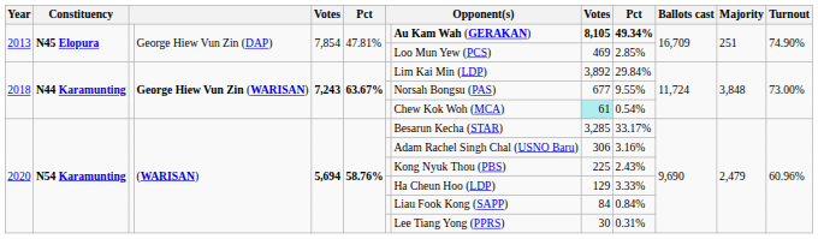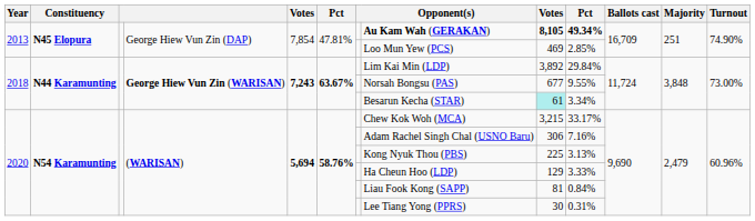 <table class="wikitable" style="margin:0.5em ; font-size:95%">
 <tr>
 <th>Year</th>
 <th>Constituency</th>
 <th colspan=2></th>
 <th>Votes</th>
 <th>Pct</th>
 <th colspan=2>Opponent(s)</th>
 <th>Votes</th>
 <th>Pct</th>
 <th>Ballots cast</th>
 <th>Majority</th>
 <th>Turnout</th>
 </tr>
 <tr>
 <td rowspan=2><a href='#'>2013</a></td>
 <td rowspan=2><strong>N45 <a href='#'>Elopura</a></strong></td>
 <td rowspan=2 ></td>
 <td rowspan=2>George Hiew Vun Zin (<a href='#'>DAP</a>)</td>
 <td rowspan=2 align="right">7,854</td>
 <td rowspan=2>47.81%</td>
 <td></td>
 <td><strong>Au Kam Wah</strong> (<a href='#'><strong>GERAKAN</strong></a>)</td>
 <td align="right"><strong>8,105</strong></td>
 <td><strong>49.34%</strong></td>
 <td rowspan=2>16,709</td>
 <td rowspan=2>251</td>
 <td rowspan=2>74.90%</td>
 </tr>
 <tr>
 <td></td>
 <td>Loo Mun Yew (<a href='#'>PCS</a>)</td>
 <td align="right">469</td>
 <td>2.85%</td>
 </tr>
 <tr>
 <td rowspan=3><a href='#'>2018</a></td>
 <td rowspan=3><strong>N44 <a href='#'>Karamunting</a></strong></td>
 <td rowspan=3 ></td>
 <td rowspan=3><strong>George Hiew Vun Zin</strong> (<a href='#'><strong>WARISAN</strong></a>)</td>
 <td rowspan=3 align="right"><strong>7,243</strong></td>
 <td rowspan=3><strong>63.67%</strong></td>
 <td></td>
 <td>Lim Kai Min (<a href='#'>LDP</a>)</td>
 <td align="right">3,892</td>
 <td>29.84%</td>
 <td rowspan=3>11,724</td>
 <td rowspan=3>3,848</td>
 <td rowspan=3>73.00%</td>
 </tr>
 <tr>
 <td></td>
 <td>Norsah Bongsu (<a href='#'>PAS</a>)</td>
 <td align="right">677</td>
 <td>9.55%</td>
 </tr>
 <tr>
 <td></td>
-<td>Chew Kok Woh (<a href='#'>MCA</a>)</td>
+<td>Besarun Kecha (<a href='#'>STAR</a>)</td>
 <td align="right" style="background: paleturquoise;">61</td>
-<td>0.54%</td>
+<td>3.34%</td>
 </tr>
 <tr>
 <td rowspan=6><a href='#'>2020</a></td>
 <td rowspan=6><strong>N54 <a href='#'>Karamunting</a></strong></td>
 <td rowspan=6 ></td>
 <td rowspan=6> (<a href='#'><strong>WARISAN</strong></a>)</td>
 <td rowspan=6 align="right"><strong>5,694</strong></td>
 <td rowspan=6><strong>58.76%</strong></td>
 <td></td>
-<td>Besarun Kecha (<a href='#'>STAR</a>)</td>
-<td align="right">3,285</td>
+<td>Chew Kok Woh (<a href='#'>MCA</a>)</td>
+<td align="right">3,215</td>
 <td>33.17%</td>
 <td rowspan=6>9,690</td>
 <td rowspan=6>2,479</td>
 <td rowspan=6>60.96%</td>
 </tr>
 <tr>
 <td bgcolor=></td>
 <td>Adam Rachel Singh Chal (<a href='#'>USNO Baru</a>)</td>
 <td align="right">306</td>
-<td>3.16%</td>
+<td>7.16%</td>
 </tr>
 <tr>
 <td></td>
 <td>Kong Nyuk Thou (<a href='#'>PBS</a>)</td>
 <td align="right">225</td>
-<td>2.43%</td>
+<td>3.13%</td>
 </tr>
 <tr>
 <td></td>
 <td>Ha Cheun Hoo (<a href='#'>LDP</a>)</td>
 <td align="right">129</td>
 <td>3.33%</td>
 </tr>
 <tr>
 <td></td>
 <td>Liau Fook Kong (<a href='#'>SAPP</a>)</td>
-<td align="right">84</td>
+<td align="right">81</td>
 <td>0.84%</td>
 </tr>
 <tr>
 <td></td>
 <td>Lee Tiang Yong (<a href='#'>PPRS</a>)</td>
 <td align="right">30</td>
 <td>0.31%</td>
 </tr>
 </table>
